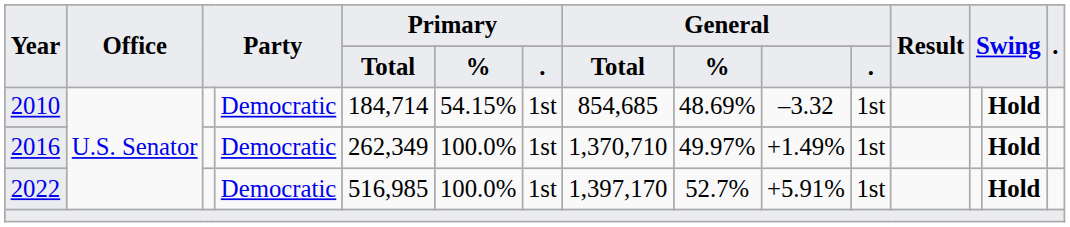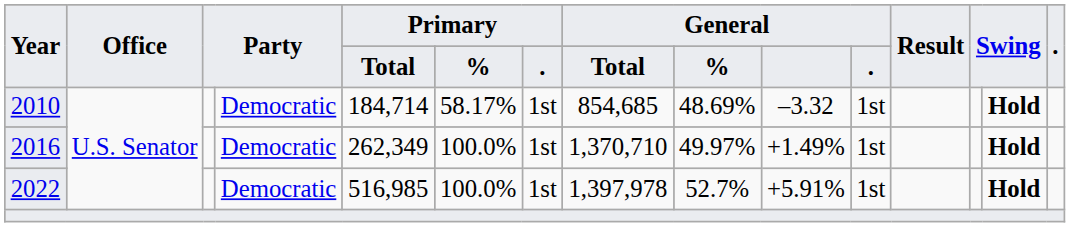 <table class="wikitable" style="font-size:90%; text-align:center;">
 <tr>
 <th style="background-color:#EAECF0;" rowspan=2>Year</th>
 <th style="background-color:#EAECF0;" rowspan=2>Office</th>
 <th style="background-color:#EAECF0;" colspan=2 rowspan=2>Party</th>
 <th style="background-color:#EAECF0;" colspan=3>Primary</th>
 <th style="background-color:#EAECF0;" colspan=4>General</th>
 <th style="background-color:#EAECF0;" rowspan=2>Result</th>
 <th style="background-color:#EAECF0;" colspan=2 rowspan=2><a href='#'>Swing</a></th>
 <th style="background-color:#EAECF0;" rowspan=2>.</th>
 </tr>
 <tr>
 <th style="background-color:#EAECF0;">Total</th>
 <th style="background-color:#EAECF0;">%</th>
 <th style="background-color:#EAECF0;">.</th>
 <th style="background-color:#EAECF0;">Total</th>
 <th style="background-color:#EAECF0;">%</th>
 <th style="background-color:#EAECF0;"></th>
 <th style="background-color:#EAECF0;">.</th>
 </tr>
 <tr>
 <td style="background-color:#EAECF0;"><a href='#'>2010</a></td>
 <td rowspan=3><a href='#'>U.S. Senator</a></td>
 <td style="background-color:"></td>
 <td><a href='#'>Democratic</a></td>
 <td>184,714</td>
-<td>54.15%</td>
+<td>58.17%</td>
 <td>1st</td>
 <td>854,685</td>
 <td>48.69%</td>
 <td>–3.32</td>
 <td>1st</td>
 <td></td>
 <td style="background-color:"></td>
 <td><strong>Hold</strong></td>
 <td></td>
 </tr>
 <tr>
 <td style="background-color:#EAECF0;"><a href='#'>2016</a></td>
 <td style="background-color:"></td>
 <td><a href='#'>Democratic</a></td>
 <td>262,349</td>
 <td>100.0%</td>
 <td>1st</td>
 <td>1,370,710</td>
 <td>49.97%</td>
 <td>+1.49%</td>
 <td>1st</td>
 <td></td>
 <td style="background-color:"></td>
 <td><strong>Hold</strong></td>
 <td></td>
 </tr>
 <tr>
 <td style="background-color:#EAECF0;"><a href='#'>2022</a></td>
 <td style="background-color:"></td>
 <td><a href='#'>Democratic</a></td>
 <td>516,985</td>
 <td>100.0%</td>
 <td>1st</td>
-<td>1,397,170</td>
+<td>1,397,978</td>
 <td>52.7%</td>
 <td>+5.91%</td>
 <td>1st</td>
 <td></td>
 <td style="background-color:"></td>
 <td><strong>Hold</strong></td>
 <td></td>
 </tr>
 <tr>
 <td style="background-color:#EAECF0;" colspan=15></td>
 </tr>
 </table>
